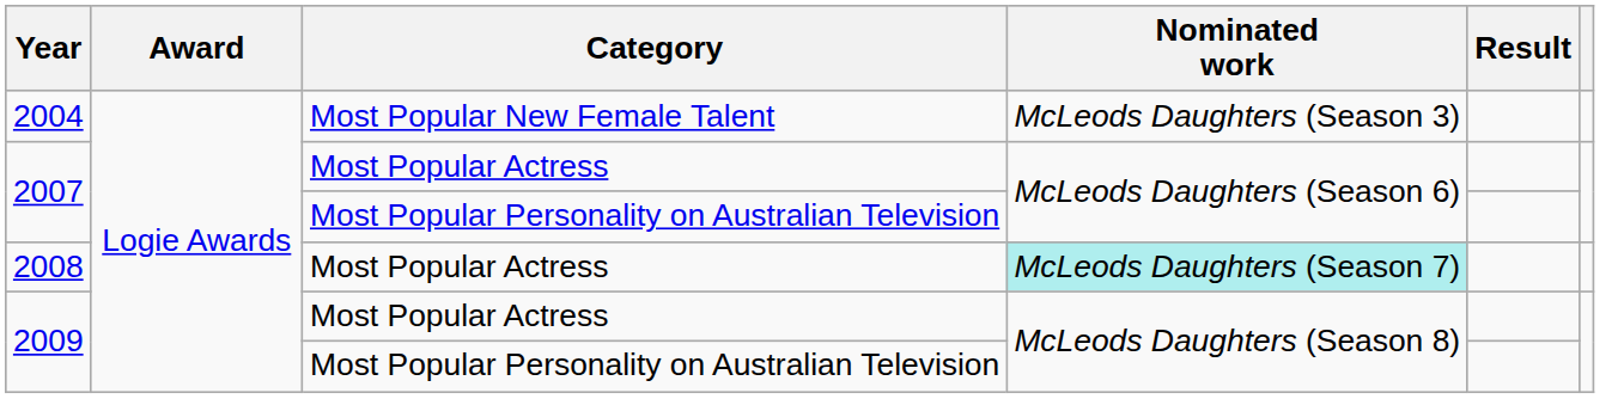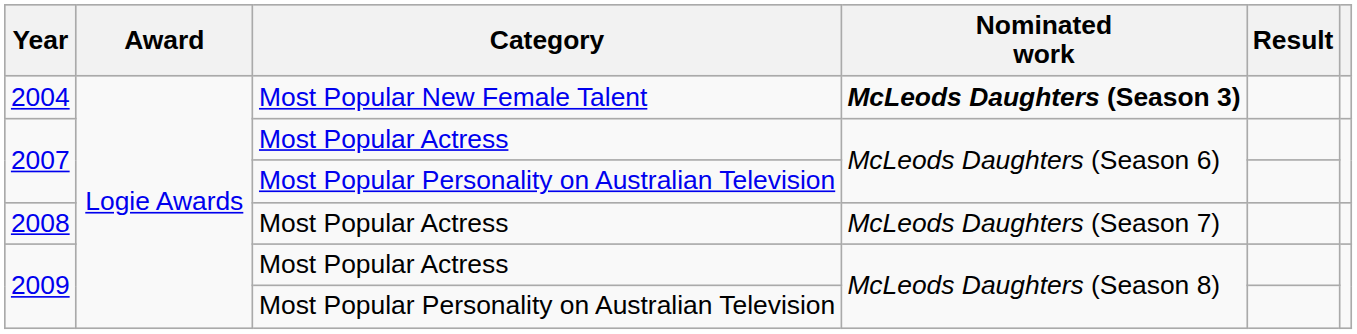 <table class="wikitable">
 <tr>
 <th>Year</th>
 <th width="100">Award</th>
 <th>Category</th>
 <th>Nominated<br>work</th>
 <th>Result</th>
 <th></th>
 </tr>
 <tr>
 <td><a href='#'>2004</a></td>
 <td rowspan="6" align="center"><a href='#'>Logie Awards</a></td>
 <td><a href='#'>Most Popular New Female Talent</a></td>
-<td><em>McLeods Daughters</em> (Season 3)</td>
+<td><strong><em>McLeods Daughters</em> (Season 3)</strong></td>
 <td></td>
 <td align="center"></td>
 </tr>
 <tr>
 <td rowspan="2"><a href='#'>2007</a></td>
 <td><a href='#'>Most Popular Actress</a></td>
 <td rowspan="2"><em>McLeods Daughters</em> (Season 6)</td>
 <td></td>
 <td rowspan="2" align="center"></td>
 </tr>
 <tr>
 <td><a href='#'>Most Popular Personality on Australian Television</a></td>
 <td></td>
 </tr>
 <tr>
 <td><a href='#'>2008</a></td>
 <td>Most Popular Actress</td>
-<td style="background: paleturquoise;"><em>McLeods Daughters</em> (Season 7)</td>
+<td><em>McLeods Daughters</em> (Season 7)</td>
 <td></td>
 <td align="center"></td>
 </tr>
 <tr>
 <td rowspan="2"><a href='#'>2009</a></td>
 <td>Most Popular Actress</td>
 <td rowspan="2"><em>McLeods Daughters</em> (Season 8)</td>
 <td></td>
 <td rowspan="2" align="center"></td>
 </tr>
 <tr>
 <td>Most Popular Personality on Australian Television</td>
 <td></td>
 </tr>
 </table>
